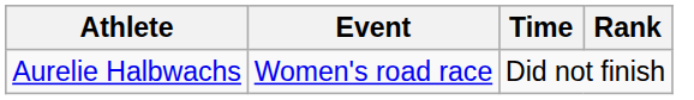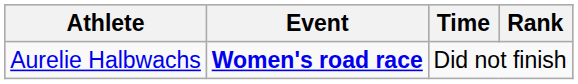 <table class="wikitable" style="font-size:90%">
 <tr>
 <th>Athlete</th>
 <th>Event</th>
 <th>Time</th>
 <th>Rank</th>
 </tr>
 <tr align=center>
 <td align=left><a href='#'>Aurelie Halbwachs</a></td>
-<td align=left><a href='#'>Women's road race</a></td>
+<td align=left><strong><a href='#'>Women's road race</a></strong></td>
 <td colspan=2>Did not finish</td>
 </tr>
 </table>
